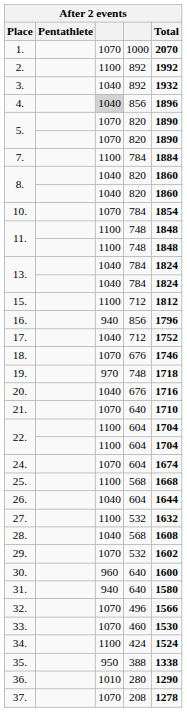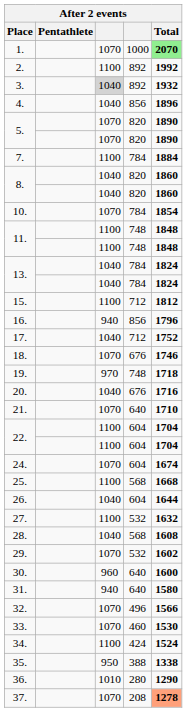 <table class=wikitable style="text-align:center">
 <tr>
 <th colspan=5>After 2 events</th>
 </tr>
 <tr>
 <th>Place</th>
 <th>Pentathlete</th>
 <th></th>
 <th></th>
 <th>Total</th>
 </tr>
 <tr>
 <td>1.</td>
 <td align=left></td>
 <td>1070</td>
 <td>1000</td>
-<td><strong>2070</strong></td>
+<td style="background: lightgreen;"><strong>2070</strong></td>
 </tr>
 <tr>
 <td>2.</td>
 <td align=left></td>
 <td>1100</td>
 <td>892</td>
 <td><strong>1992</strong></td>
 </tr>
 <tr>
 <td>3.</td>
 <td align=left></td>
-<td>1040</td>
+<td style="background: lightgrey;">1040</td>
 <td>892</td>
 <td><strong>1932</strong></td>
 </tr>
 <tr>
 <td>4.</td>
 <td align=left></td>
-<td style="background: lightgrey;">1040</td>
+<td>1040</td>
 <td>856</td>
 <td><strong>1896</strong></td>
 </tr>
 <tr>
 <td rowspan=2>5.</td>
 <td align=left></td>
 <td>1070</td>
 <td>820</td>
 <td><strong>1890</strong></td>
 </tr>
 <tr>
 <td align=left></td>
 <td>1070</td>
 <td>820</td>
 <td><strong>1890</strong></td>
 </tr>
 <tr>
 <td>7.</td>
 <td align=left></td>
 <td>1100</td>
 <td>784</td>
 <td><strong>1884</strong></td>
 </tr>
 <tr>
 <td rowspan=2>8.</td>
 <td align=left></td>
 <td>1040</td>
 <td>820</td>
 <td><strong>1860</strong></td>
 </tr>
 <tr>
 <td align=left></td>
 <td>1040</td>
 <td>820</td>
 <td><strong>1860</strong></td>
 </tr>
 <tr>
 <td>10.</td>
 <td align=left></td>
 <td>1070</td>
 <td>784</td>
 <td><strong>1854</strong></td>
 </tr>
 <tr>
 <td rowspan=2>11.</td>
 <td align=left></td>
 <td>1100</td>
 <td>748</td>
 <td><strong>1848</strong></td>
 </tr>
 <tr>
 <td align=left></td>
 <td>1100</td>
 <td>748</td>
 <td><strong>1848</strong></td>
 </tr>
 <tr>
 <td rowspan=2>13.</td>
 <td align=left></td>
 <td>1040</td>
 <td>784</td>
 <td><strong>1824</strong></td>
 </tr>
 <tr>
 <td align=left></td>
 <td>1040</td>
 <td>784</td>
 <td><strong>1824</strong></td>
 </tr>
 <tr>
 <td>15.</td>
 <td align=left></td>
 <td>1100</td>
 <td>712</td>
 <td><strong>1812</strong></td>
 </tr>
 <tr>
 <td>16.</td>
 <td align=left></td>
 <td>940</td>
 <td>856</td>
 <td><strong>1796</strong></td>
 </tr>
 <tr>
 <td>17.</td>
 <td align=left></td>
 <td>1040</td>
 <td>712</td>
 <td><strong>1752</strong></td>
 </tr>
 <tr>
 <td>18.</td>
 <td align=left></td>
 <td>1070</td>
 <td>676</td>
 <td><strong>1746</strong></td>
 </tr>
 <tr>
 <td>19.</td>
 <td align=left></td>
 <td>970</td>
 <td>748</td>
 <td><strong>1718</strong></td>
 </tr>
 <tr>
 <td>20.</td>
 <td align=left></td>
 <td>1040</td>
 <td>676</td>
 <td><strong>1716</strong></td>
 </tr>
 <tr>
 <td>21.</td>
 <td align=left></td>
 <td>1070</td>
 <td>640</td>
 <td><strong>1710</strong></td>
 </tr>
 <tr>
 <td rowspan=2>22.</td>
 <td align=left></td>
 <td>1100</td>
 <td>604</td>
 <td><strong>1704</strong></td>
 </tr>
 <tr>
 <td align=left></td>
 <td>1100</td>
 <td>604</td>
 <td><strong>1704</strong></td>
 </tr>
 <tr>
 <td>24.</td>
 <td align=left></td>
 <td>1070</td>
 <td>604</td>
 <td><strong>1674</strong></td>
 </tr>
 <tr>
 <td>25.</td>
 <td align=left></td>
 <td>1100</td>
 <td>568</td>
 <td><strong>1668</strong></td>
 </tr>
 <tr>
 <td>26.</td>
 <td align=left></td>
 <td>1040</td>
 <td>604</td>
 <td><strong>1644</strong></td>
 </tr>
 <tr>
 <td>27.</td>
 <td align=left></td>
 <td>1100</td>
 <td>532</td>
 <td><strong>1632</strong></td>
 </tr>
 <tr>
 <td>28.</td>
 <td align=left></td>
 <td>1040</td>
 <td>568</td>
 <td><strong>1608</strong></td>
 </tr>
 <tr>
 <td>29.</td>
 <td align=left></td>
 <td>1070</td>
 <td>532</td>
 <td><strong>1602</strong></td>
 </tr>
 <tr>
 <td>30.</td>
 <td align=left></td>
 <td>960</td>
 <td>640</td>
 <td><strong>1600</strong></td>
 </tr>
 <tr>
 <td>31.</td>
 <td align=left></td>
 <td>940</td>
 <td>640</td>
 <td><strong>1580</strong></td>
 </tr>
 <tr>
 <td>32.</td>
 <td align=left></td>
 <td>1070</td>
 <td>496</td>
 <td><strong>1566</strong></td>
 </tr>
 <tr>
 <td>33.</td>
 <td align=left></td>
 <td>1070</td>
 <td>460</td>
 <td><strong>1530</strong></td>
 </tr>
 <tr>
 <td>34.</td>
 <td align=left></td>
 <td>1100</td>
 <td>424</td>
 <td><strong>1524</strong></td>
 </tr>
 <tr>
 <td>35.</td>
 <td align=left></td>
 <td>950</td>
 <td>388</td>
 <td><strong>1338</strong></td>
 </tr>
 <tr>
 <td>36.</td>
 <td align=left></td>
 <td>1010</td>
 <td>280</td>
 <td><strong>1290</strong></td>
 </tr>
 <tr>
 <td>37.</td>
 <td align=left></td>
 <td>1070</td>
 <td>208</td>
-<td><strong>1278</strong></td>
+<td style="background: lightsalmon;"><strong>1278</strong></td>
 </tr>
 </table>
